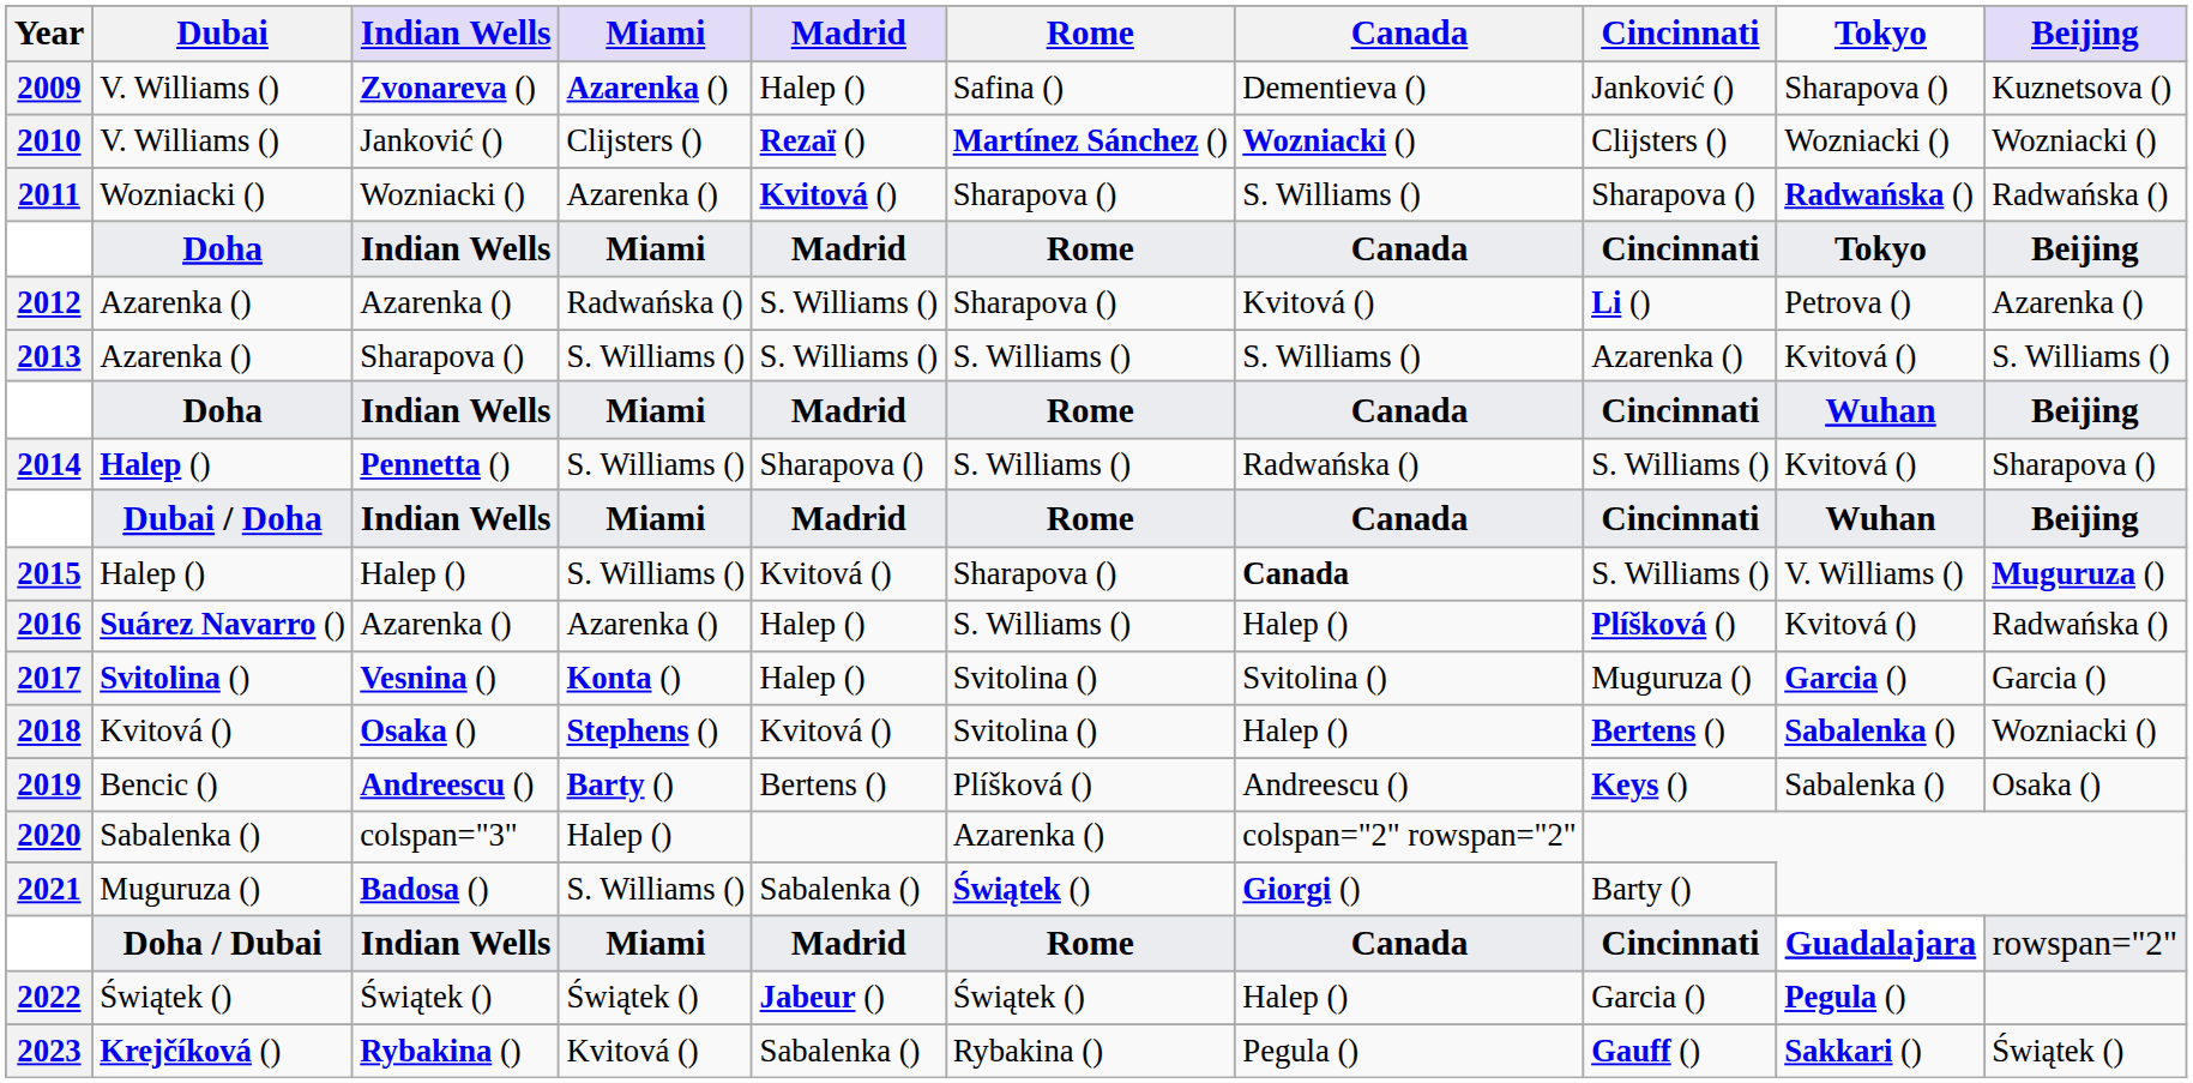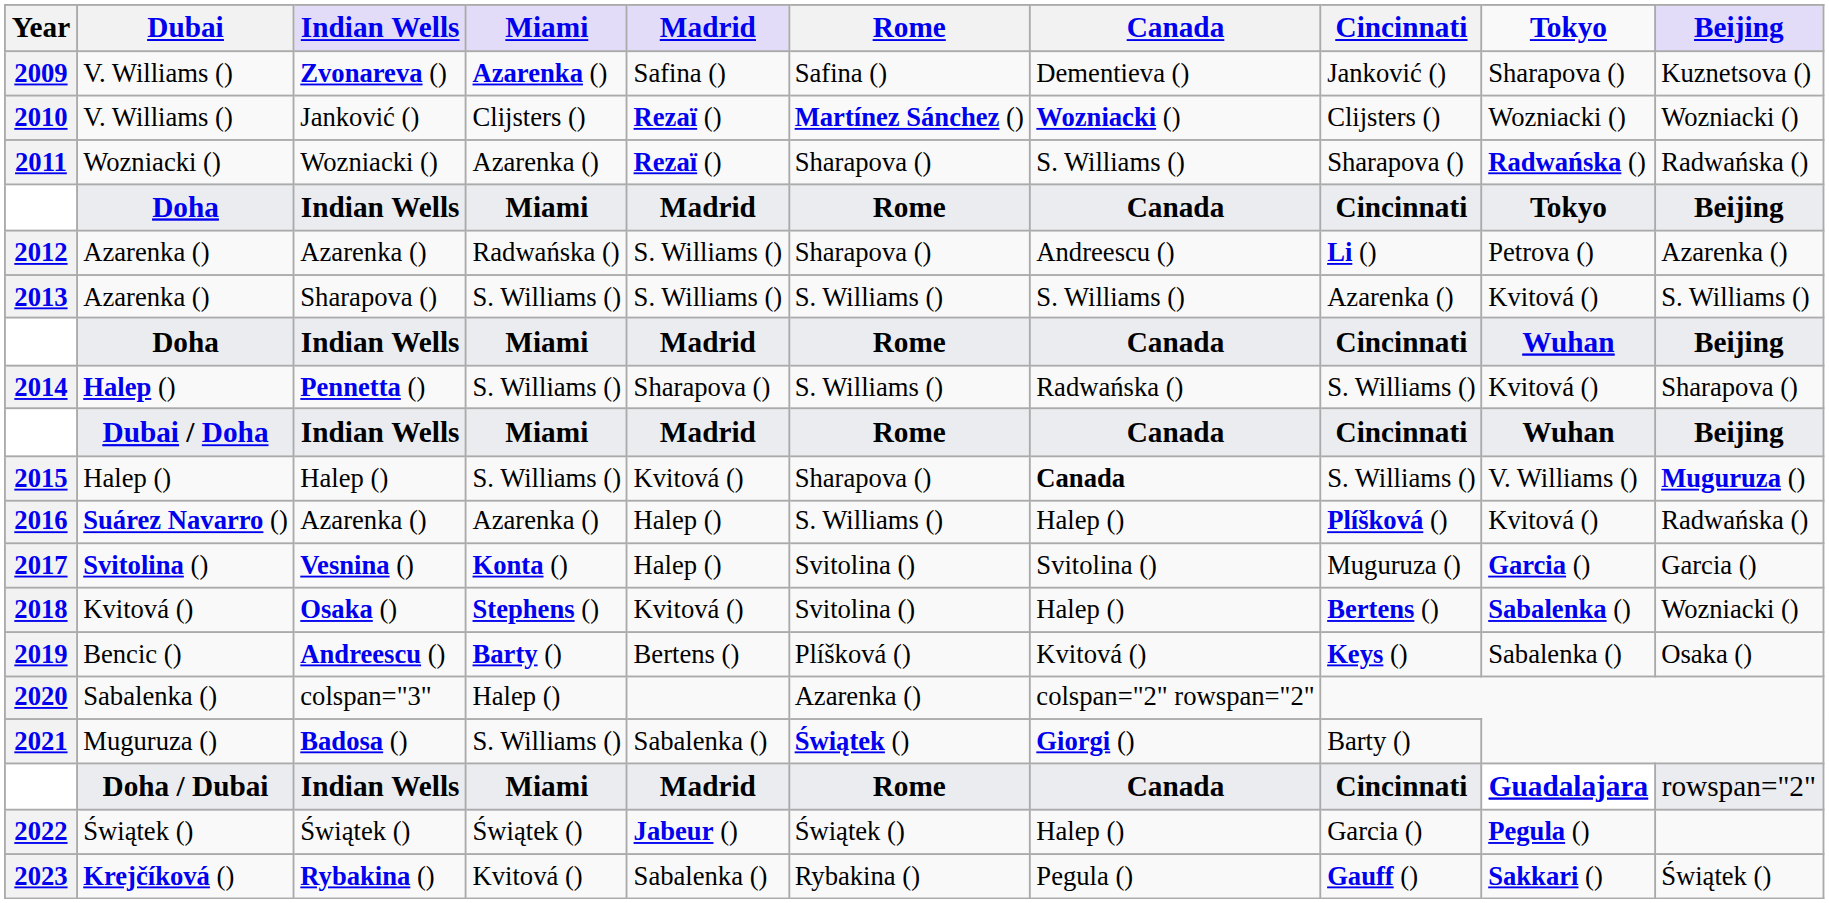 <table class="wikitable nowrap sticky-table-row1 sticky-table-col1" style="font-size:90%">
 <tr style="font-size:110%;">
 <th scope="col">Year</th>
 <th scope="col"><a href='#'><u>Dubai</u></a></th>
 <th scope="col" style="background-color:#e3dcf8;"><a href='#'>Indian Wells</a></th>
 <th scope="col" style="background-color:#e3dcf8;"><a href='#'>Miami</a></th>
 <th scope="col" style="background-color:#e3dcf8;"><a href='#'><u>Madrid</u></a></th>
 <th scope="col"><a href='#'>Rome</a></th>
 <th scope="col"><a href='#'>Canada</a></th>
 <th scope="col"><a href='#'><u>Cincinnati</u></a></th>
 <th scope="col" style="background:transparent"><a href='#'>Tokyo</a></th>
 <th scope="col" style="background-color:#e3dcf8;"><a href='#'><u>Beijing</u></a></th>
 </tr>
 <tr>
 <th scope="row"><a href='#'>2009</a></th>
 <td> V. Williams ()</td>
 <td> <a href='#'><strong>Zvonareva</strong></a> ()</td>
 <td> <a href='#'><strong>Azarenka</strong></a> ()</td>
-<td> Halep ()</td>
+<td> Safina ()</td>
 <td> Safina ()</td>
 <td> Dementieva ()</td>
 <td> Janković ()</td>
 <td> Sharapova ()</td>
 <td> Kuznetsova ()</td>
 </tr>
 <tr>
 <th scope="row"><a href='#'>2010</a></th>
 <td> V. Williams ()</td>
 <td> Janković ()</td>
 <td> Clijsters ()</td>
 <td> <a href='#'><strong>Rezaï</strong></a> ()</td>
 <td> <a href='#'><strong>Martínez Sánchez</strong></a> ()</td>
 <td> <a href='#'><strong>Wozniacki</strong></a> ()</td>
 <td> Clijsters ()</td>
 <td> Wozniacki ()</td>
 <td> Wozniacki ()</td>
 </tr>
 <tr>
 <th scope="row"><a href='#'>2011</a></th>
 <td> Wozniacki ()</td>
 <td> Wozniacki ()</td>
 <td> Azarenka ()</td>
-<td> <a href='#'><strong>Kvitová</strong></a> ()</td>
+<td> <a href='#'><strong>Rezaï</strong></a> ()</td>
 <td> Sharapova ()</td>
 <td> S. Williams ()</td>
 <td> Sharapova ()</td>
 <td> <a href='#'><strong>Radwańska</strong></a> ()</td>
 <td> Radwańska ()</td>
 </tr>
 <tr style="background:#EAECF0; font-weight:bold; font-size:110%; text-align:center">
 <td style="background:#fff"></td>
 <td><a href='#'><u>Doha</u></a></td>
 <td>Indian Wells</td>
 <td>Miami</td>
 <td>Madrid</td>
 <td>Rome</td>
 <td>Canada</td>
 <td>Cincinnati</td>
 <td>Tokyo</td>
 <td>Beijing</td>
 </tr>
 <tr>
 <th scope="row"><a href='#'>2012</a></th>
 <td> Azarenka ()</td>
 <td> Azarenka ()</td>
 <td> Radwańska ()</td>
 <td> S. Williams ()</td>
 <td> Sharapova ()</td>
-<td> Kvitová ()</td>
+<td> Andreescu ()</td>
 <td> <a href='#'><strong>Li</strong></a> ()</td>
 <td> Petrova ()</td>
 <td> Azarenka ()</td>
 </tr>
 <tr>
 <th scope="row"><a href='#'>2013</a></th>
 <td> Azarenka ()</td>
 <td> Sharapova ()</td>
 <td> S. Williams ()</td>
 <td> S. Williams ()</td>
 <td> S. Williams ()</td>
 <td> S. Williams ()</td>
 <td> Azarenka ()</td>
 <td> Kvitová ()</td>
 <td> S. Williams ()</td>
 </tr>
 <tr style="background:#EAECF0; font-weight:bold; font-size:110%; text-align:center">
 <td style="background:#fff"></td>
 <td>Doha</td>
 <td>Indian Wells</td>
 <td>Miami</td>
 <td>Madrid</td>
 <td>Rome</td>
 <td>Canada</td>
 <td>Cincinnati</td>
 <td><a href='#'><u>Wuhan</u></a></td>
 <td>Beijing</td>
 </tr>
 <tr>
 <th scope="row"><a href='#'>2014</a></th>
 <td> <a href='#'><strong>Halep</strong></a> ()</td>
 <td> <a href='#'><strong>Pennetta</strong></a> ()</td>
 <td> S. Williams ()</td>
 <td> Sharapova ()</td>
 <td> S. Williams ()</td>
 <td> Radwańska ()</td>
 <td> S. Williams ()</td>
 <td> Kvitová ()</td>
 <td> Sharapova ()</td>
 </tr>
 <tr style="background:#EAECF0; font-weight:bold; font-size:110%; text-align:center">
 <td style="background:#fff"></td>
 <td><a href='#'><u>Dubai</u></a> / <a href='#'>Doha</a></td>
 <td>Indian Wells</td>
 <td>Miami</td>
 <td>Madrid</td>
 <td>Rome</td>
 <td>Canada</td>
 <td>Cincinnati</td>
 <td>Wuhan</td>
 <td>Beijing</td>
 </tr>
 <tr>
 <th scope="row"><a href='#'>2015</a></th>
 <td> Halep ()</td>
 <td> Halep ()</td>
 <td> S. Williams ()</td>
 <td> Kvitová ()</td>
 <td> Sharapova ()</td>
 <td><strong>Canada</strong></td>
 <td> S. Williams ()</td>
 <td> V. Williams ()</td>
 <td> <a href='#'><strong>Muguruza</strong></a> ()</td>
 </tr>
 <tr>
 <th scope="row"><a href='#'>2016</a></th>
 <td> <a href='#'><strong>Suárez Navarro</strong></a> ()</td>
 <td> Azarenka ()</td>
 <td> Azarenka ()</td>
 <td> Halep ()</td>
 <td> S. Williams ()</td>
 <td> Halep ()</td>
 <td> <a href='#'><strong>Plíšková</strong></a> ()</td>
 <td> Kvitová ()</td>
 <td> Radwańska ()</td>
 </tr>
 <tr>
 <th scope="row"><a href='#'>2017</a></th>
 <td> <a href='#'><strong>Svitolina</strong></a> ()</td>
 <td> <a href='#'><strong>Vesnina</strong></a> ()</td>
 <td> <a href='#'><strong>Konta</strong></a> ()</td>
 <td> Halep ()</td>
 <td> Svitolina ()</td>
 <td> Svitolina ()</td>
 <td> Muguruza ()</td>
 <td> <a href='#'><strong>Garcia</strong></a> ()</td>
 <td> Garcia ()</td>
 </tr>
 <tr>
 <th scope="row"><a href='#'>2018</a></th>
 <td> Kvitová ()</td>
 <td> <a href='#'><strong>Osaka</strong></a> ()</td>
 <td> <a href='#'><strong>Stephens</strong></a> ()</td>
 <td> Kvitová ()</td>
 <td> Svitolina ()</td>
 <td> Halep ()</td>
 <td> <a href='#'><strong>Bertens</strong></a> ()</td>
 <td> <a href='#'><strong>Sabalenka</strong></a> ()</td>
 <td> Wozniacki ()</td>
 </tr>
 <tr>
 <th scope="row"><a href='#'>2019</a></th>
 <td> Bencic ()</td>
 <td> <a href='#'><strong>Andreescu</strong></a> ()</td>
 <td> <a href='#'><strong>Barty</strong></a> ()</td>
 <td> Bertens ()</td>
 <td> Plíšková ()</td>
-<td> Andreescu ()</td>
+<td> Kvitová ()</td>
 <td> <a href='#'><strong>Keys</strong></a> ()</td>
 <td> Sabalenka ()</td>
 <td> Osaka ()</td>
 </tr>
 <tr>
 <th scope="row"><a href='#'>2020</a></th>
 <td> Sabalenka ()</td>
 <td>colspan="3" </td>
 <td> Halep ()</td>
 <td></td>
 <td> Azarenka ()</td>
 <td>colspan="2" rowspan="2"</td>
 </tr>
 <tr>
 <th scope="row"><a href='#'>2021</a></th>
 <td> Muguruza ()</td>
 <td> <strong><a href='#'>Badosa</a></strong> ()</td>
 <td> S. Williams ()</td>
 <td> Sabalenka ()</td>
 <td> <a href='#'><strong>Świątek</strong></a> ()</td>
 <td> <a href='#'><strong>Giorgi</strong></a> ()</td>
 <td> Barty ()</td>
 </tr>
 <tr style="background:#EAECF0; font-size:110%; text-align:center">
 <td style="background:#fff"></td>
 <td><strong>Doha / Dubai</strong></td>
 <td><strong>Indian Wells</strong></td>
 <td><strong>Miami</strong></td>
 <td><strong>Madrid</strong></td>
 <td><strong>Rome</strong></td>
 <td><strong>Canada</strong></td>
 <td><strong>Cincinnati</strong></td>
 <td style="background:#fff"><strong><a href='#'><u>Guadalajara</u></a></strong></td>
 <td>rowspan="2" </td>
 </tr>
 <tr>
 <th scope="row"><a href='#'>2022</a></th>
 <td> Świątek ()</td>
 <td> Świątek ()</td>
 <td> Świątek ()</td>
 <td> <a href='#'><strong>Jabeur</strong></a> ()</td>
 <td> Świątek ()</td>
 <td> Halep ()</td>
 <td> Garcia ()</td>
 <td> <a href='#'><strong>Pegula</strong></a> ()</td>
 </tr>
 <tr>
 <th scope="row"><a href='#'>2023</a></th>
 <td> <a href='#'><strong>Krejčíková</strong></a> ()</td>
 <td> <a href='#'><strong>Rybakina</strong></a> ()</td>
 <td> Kvitová ()</td>
 <td> Sabalenka ()</td>
 <td> Rybakina ()</td>
 <td> Pegula ()</td>
 <td> <a href='#'><strong>Gauff</strong></a> ()</td>
 <td> <a href='#'><strong>Sakkari</strong></a> ()</td>
 <td> Świątek ()</td>
 </tr>
 </table>
